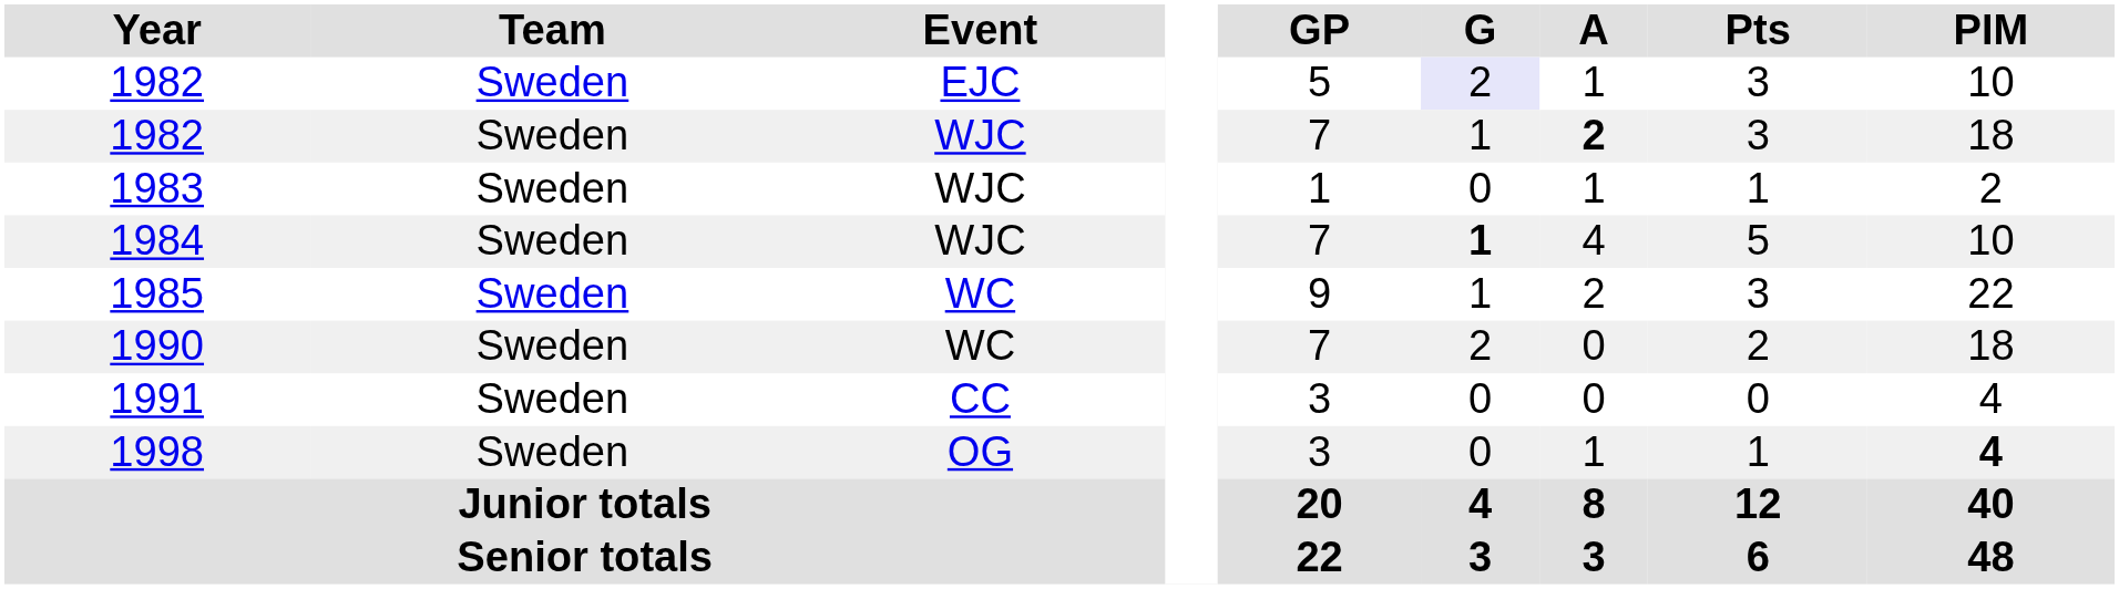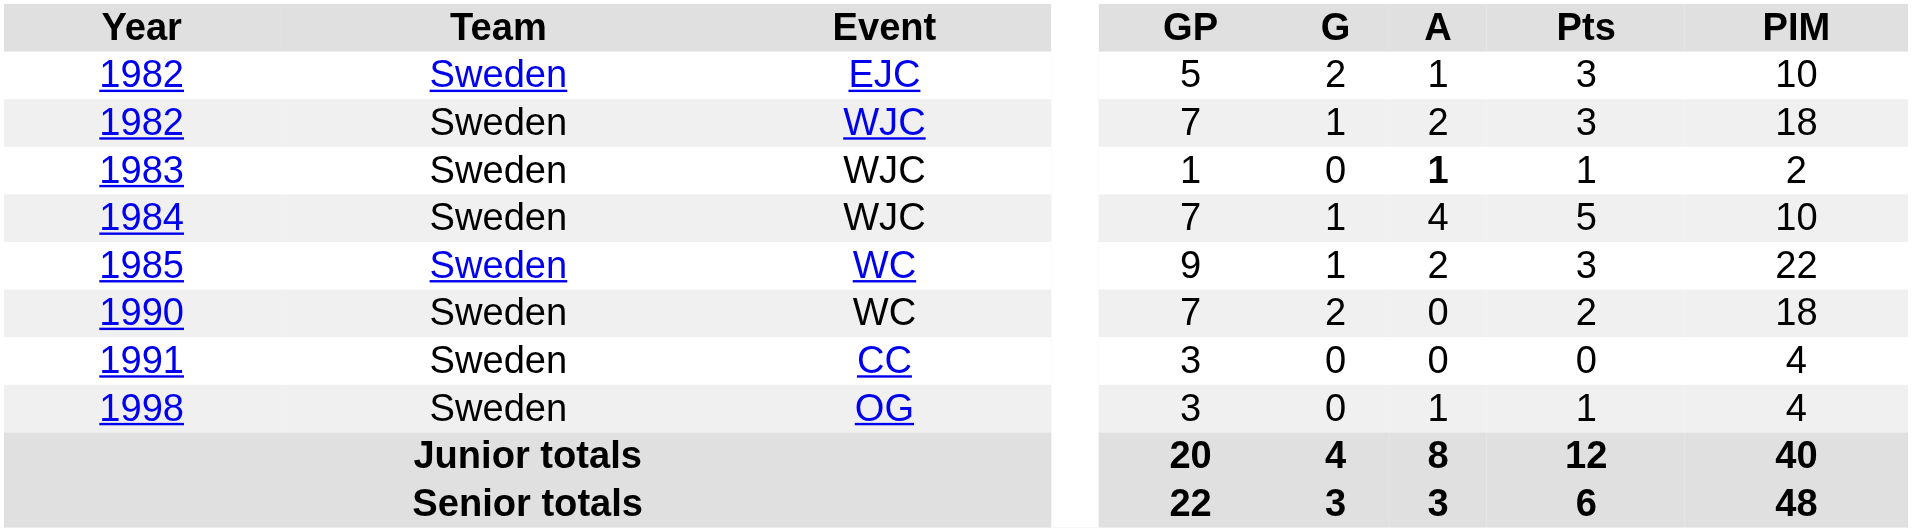 <table border="0" cellpadding="1" cellspacing="0" style="text-align:center; width:50em">
 <tr ALIGN="center" bgcolor="#e0e0e0">
 <th>Year</th>
 <th>Team</th>
 <th>Event</th>
 <th ALIGN="center" rowspan="99" bgcolor="#ffffff"> </th>
 <th>GP</th>
 <th>G</th>
 <th>A</th>
 <th>Pts</th>
 <th>PIM</th>
 </tr>
 <tr>
 <td><a href='#'>1982</a></td>
 <td><a href='#'>Sweden</a></td>
 <td><a href='#'>EJC</a></td>
 <td>5</td>
-<td style="background: lavender;">2</td>
+<td>2</td>
 <td>1</td>
 <td>3</td>
 <td>10</td>
 </tr>
 <tr bgcolor="#f0f0f0">
 <td><a href='#'>1982</a></td>
 <td>Sweden</td>
 <td><a href='#'>WJC</a></td>
 <td>7</td>
 <td>1</td>
-<td><strong>2</strong></td>
+<td>2</td>
 <td>3</td>
 <td>18</td>
 </tr>
 <tr>
 <td><a href='#'>1983</a></td>
 <td>Sweden</td>
 <td>WJC</td>
 <td>1</td>
 <td>0</td>
-<td>1</td>
+<td><strong>1</strong></td>
 <td>1</td>
 <td>2</td>
 </tr>
 <tr bgcolor="#f0f0f0">
 <td><a href='#'>1984</a></td>
 <td>Sweden</td>
 <td>WJC</td>
 <td>7</td>
-<td><strong>1</strong></td>
+<td>1</td>
 <td>4</td>
 <td>5</td>
 <td>10</td>
 </tr>
 <tr>
 <td><a href='#'>1985</a></td>
 <td><a href='#'>Sweden</a></td>
 <td><a href='#'>WC</a></td>
 <td>9</td>
 <td>1</td>
 <td>2</td>
 <td>3</td>
 <td>22</td>
 </tr>
 <tr bgcolor="#f0f0f0">
 <td><a href='#'>1990</a></td>
 <td>Sweden</td>
 <td>WC</td>
 <td>7</td>
 <td>2</td>
 <td>0</td>
 <td>2</td>
 <td>18</td>
 </tr>
 <tr>
 <td><a href='#'>1991</a></td>
 <td>Sweden</td>
 <td><a href='#'>CC</a></td>
 <td>3</td>
 <td>0</td>
 <td>0</td>
 <td>0</td>
 <td>4</td>
 </tr>
 <tr bgcolor="#f0f0f0">
 <td><a href='#'>1998</a></td>
 <td>Sweden</td>
 <td><a href='#'>OG</a></td>
 <td>3</td>
 <td>0</td>
 <td>1</td>
 <td>1</td>
-<td><strong>4</strong></td>
+<td>4</td>
 </tr>
 <tr bgcolor="#e0e0e0">
 <th colspan=3>Junior totals</th>
 <th>20</th>
 <th>4</th>
 <th>8</th>
 <th>12</th>
 <th>40</th>
 </tr>
 <tr bgcolor="#e0e0e0">
 <th colspan=3>Senior totals</th>
 <th>22</th>
 <th>3</th>
 <th>3</th>
 <th>6</th>
 <th>48</th>
 </tr>
 </table>
